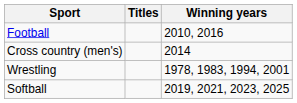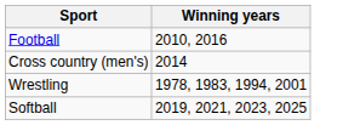 <table class="wikitable"; style= "text-align: ">
 <tr>
 <th width=px>Sport</th>
-<th width=px>Titles</th>
 <th width=px>Winning years</th>
 </tr>
 <tr>
 <td><a href='#'>Football</a></td>
-<td></td>
 <td>2010, 2016</td>
 </tr>
 <tr>
 <td>Cross country (men's)</td>
-<td></td>
 <td>2014</td>
 </tr>
 <tr>
 <td>Wrestling</td>
-<td></td>
 <td>1978, 1983, 1994, 2001</td>
 </tr>
 <tr>
 <td>Softball</td>
-<td></td>
 <td>2019, 2021, 2023, 2025</td>
 </tr>
 </table>
